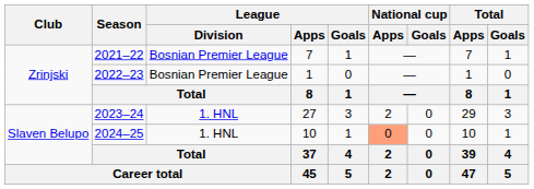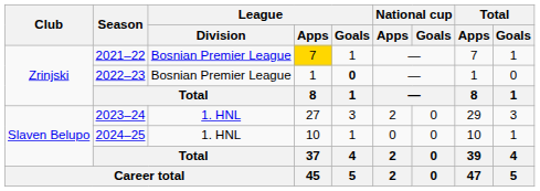 <table class="wikitable" style="text-align: center">
 <tr>
 <th rowspan="2">Club</th>
 <th rowspan="2">Season</th>
 <th colspan="3">League</th>
 <th colspan="2">National cup</th>
 <th colspan="2">Total</th>
 </tr>
 <tr>
 <th>Division</th>
 <th>Apps</th>
 <th>Goals</th>
 <th>Apps</th>
 <th>Goals</th>
 <th>Apps</th>
 <th>Goals</th>
 </tr>
 <tr>
 <td rowspan=3><a href='#'>Zrinjski</a></td>
 <td><a href='#'>2021–22</a></td>
 <td><a href='#'>Bosnian Premier League</a></td>
-<td>7</td>
+<td style="background: gold;">7</td>
 <td>1</td>
 <td colspan=2>—</td>
 <td>7</td>
 <td>1</td>
 </tr>
 <tr>
 <td><a href='#'>2022–23</a></td>
 <td>Bosnian Premier League</td>
 <td>1</td>
-<td>0</td>
+<td><strong>0</strong></td>
 <td colspan=2>—</td>
 <td>1</td>
 <td>0</td>
 </tr>
 <tr>
 <th colspan=2>Total</th>
 <th>8</th>
 <th>1</th>
 <th colspan=2>—</th>
 <th>8</th>
 <th>1</th>
 </tr>
 <tr>
 <td rowspan=3><a href='#'>Slaven Belupo</a></td>
 <td><a href='#'>2023–24</a></td>
 <td><a href='#'>1. HNL</a></td>
 <td>27</td>
 <td>3</td>
 <td>2</td>
 <td>0</td>
 <td>29</td>
 <td>3</td>
 </tr>
 <tr>
 <td><a href='#'>2024–25</a></td>
 <td>1. HNL</td>
 <td>10</td>
 <td>1</td>
-<td style="background: lightsalmon;">0</td>
+<td>0</td>
 <td>0</td>
 <td>10</td>
 <td>1</td>
 </tr>
 <tr>
 <th colspan=2>Total</th>
 <th>37</th>
 <th>4</th>
 <th>2</th>
 <th>0</th>
 <th>39</th>
 <th>4</th>
 </tr>
 <tr>
 <th colspan=3>Career total</th>
 <th>45</th>
 <th>5</th>
 <th>2</th>
 <th>0</th>
 <th>47</th>
 <th>5</th>
 </tr>
 </table>
